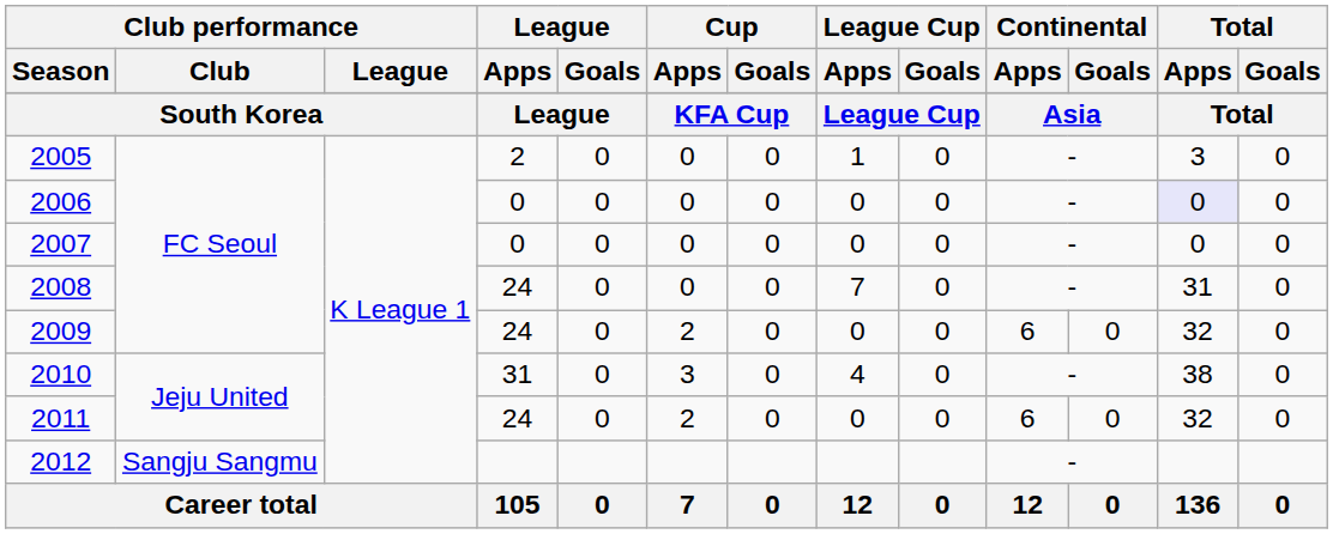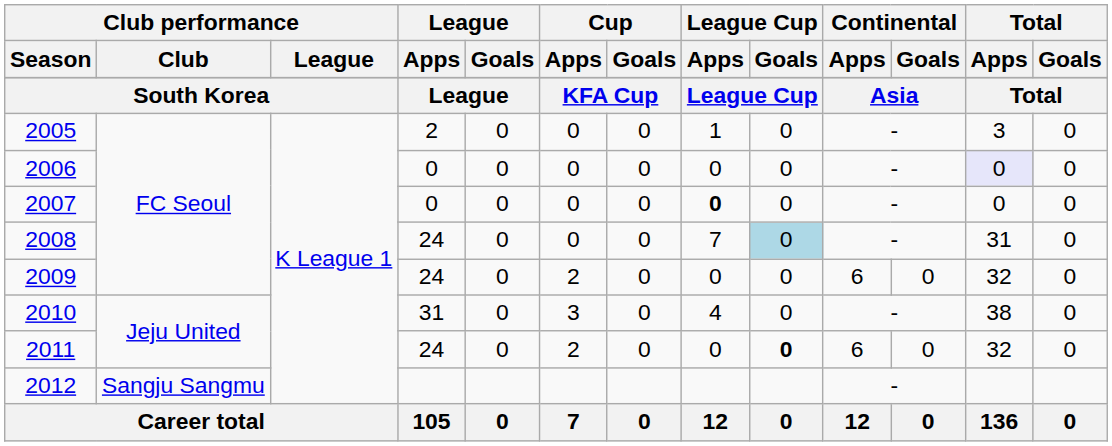 <table class="wikitable" style="text-align:center">
 <tr>
 <th colspan=3>Club performance</th>
 <th colspan=2>League</th>
 <th colspan=2>Cup</th>
 <th colspan=2>League Cup</th>
 <th colspan=2>Continental</th>
 <th colspan=2>Total</th>
 </tr>
 <tr>
 <th>Season</th>
 <th>Club</th>
 <th>League</th>
 <th>Apps</th>
 <th>Goals</th>
 <th>Apps</th>
 <th>Goals</th>
 <th>Apps</th>
 <th>Goals</th>
 <th>Apps</th>
 <th>Goals</th>
 <th>Apps</th>
 <th>Goals</th>
 </tr>
 <tr>
 </tr>
 <tr>
 <th colspan=3>South Korea</th>
 <th colspan=2>League</th>
 <th colspan=2><a href='#'>KFA Cup</a></th>
 <th colspan=2><a href='#'>League Cup</a></th>
 <th colspan=2><a href='#'>Asia</a></th>
 <th colspan=2>Total</th>
 </tr>
 <tr>
 <td><a href='#'>2005</a></td>
 <td rowspan="5"><a href='#'>FC Seoul</a></td>
 <td rowspan="8"><a href='#'>K League 1</a></td>
 <td>2</td>
 <td>0</td>
 <td>0</td>
 <td>0</td>
 <td>1</td>
 <td>0</td>
 <td colspan="2">-</td>
 <td>3</td>
 <td>0</td>
 </tr>
 <tr>
 <td><a href='#'>2006</a></td>
 <td>0</td>
 <td>0</td>
 <td>0</td>
 <td>0</td>
 <td>0</td>
 <td>0</td>
 <td colspan="2">-</td>
 <td style="background: lavender;">0</td>
 <td>0</td>
 </tr>
 <tr>
 <td><a href='#'>2007</a></td>
 <td>0</td>
 <td>0</td>
 <td>0</td>
 <td>0</td>
-<td>0</td>
+<td><strong>0</strong></td>
 <td>0</td>
 <td colspan="2">-</td>
 <td>0</td>
 <td>0</td>
 </tr>
 <tr>
 <td><a href='#'>2008</a></td>
 <td>24</td>
 <td>0</td>
 <td>0</td>
 <td>0</td>
 <td>7</td>
-<td>0</td>
+<td style="background: lightblue;">0</td>
 <td colspan="2">-</td>
 <td>31</td>
 <td>0</td>
 </tr>
 <tr>
 <td><a href='#'>2009</a></td>
 <td>24</td>
 <td>0</td>
 <td>2</td>
 <td>0</td>
 <td>0</td>
 <td>0</td>
 <td>6</td>
 <td>0</td>
 <td>32</td>
 <td>0</td>
 </tr>
 <tr>
 <td><a href='#'>2010</a></td>
 <td rowspan="2"><a href='#'>Jeju United</a></td>
 <td>31</td>
 <td>0</td>
 <td>3</td>
 <td>0</td>
 <td>4</td>
 <td>0</td>
 <td colspan="2">-</td>
 <td>38</td>
 <td>0</td>
 </tr>
 <tr>
 <td><a href='#'>2011</a></td>
 <td>24</td>
 <td>0</td>
 <td>2</td>
 <td>0</td>
 <td>0</td>
-<td>0</td>
+<td><strong>0</strong></td>
 <td>6</td>
 <td>0</td>
 <td>32</td>
 <td>0</td>
 </tr>
 <tr>
 <td><a href='#'>2012</a></td>
 <td rowspan="1"><a href='#'>Sangju Sangmu</a></td>
 <td></td>
 <td></td>
 <td></td>
 <td></td>
 <td></td>
 <td></td>
 <td colspan="2">-</td>
 <td></td>
 <td></td>
 </tr>
 <tr>
 <th colspan=3>Career total</th>
 <th>105</th>
 <th>0</th>
 <th>7</th>
 <th>0</th>
 <th>12</th>
 <th>0</th>
 <th>12</th>
 <th>0</th>
 <th>136</th>
 <th>0</th>
 </tr>
 </table>
